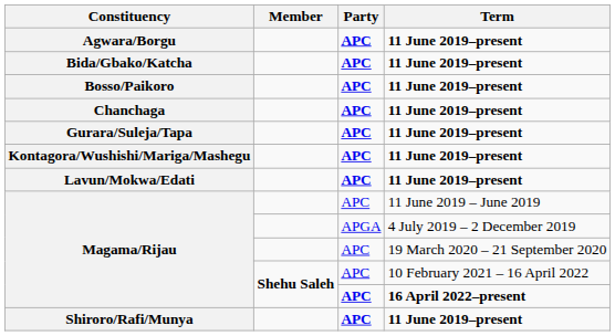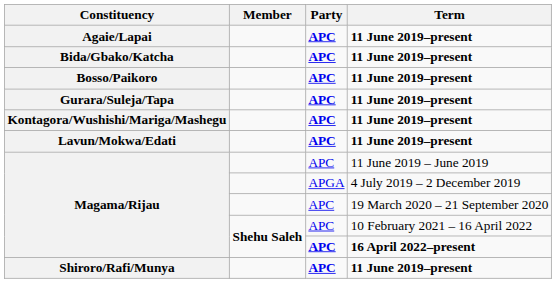 <table class="wikitable">
 <tr valign=bottom>
 <th>Constituency</th>
 <th>Member</th>
 <th>Party</th>
 <th>Term</th>
 </tr>
 <tr>
-<th>Agwara/Borgu</th>
+<th>Agaie/Lapai</th>
 <td><strong></strong></td>
 <td><strong><a href='#'>APC</a></strong></td>
 <td><strong>11 June 2019–present</strong></td>
 </tr>
 <tr>
 <th>Bida/Gbako/Katcha</th>
 <td><strong></strong></td>
 <td><strong><a href='#'>APC</a></strong></td>
 <td><strong>11 June 2019–present</strong></td>
 </tr>
 <tr>
 <th>Bosso/Paikoro</th>
-<td><strong></strong></td>
-<td><strong><a href='#'>APC</a></strong></td>
-<td><strong>11 June 2019–present</strong></td>
-</tr>
-<tr>
-<th>Chanchaga</th>
 <td><strong></strong></td>
 <td><strong><a href='#'>APC</a></strong></td>
 <td><strong>11 June 2019–present</strong></td>
 </tr>
 <tr>
 <th>Gurara/Suleja/Tapa</th>
 <td><strong></strong></td>
 <td><strong><a href='#'>APC</a></strong></td>
 <td><strong>11 June 2019–present</strong></td>
 </tr>
 <tr>
 <th>Kontagora/Wushishi/Mariga/Mashegu</th>
 <td><strong></strong></td>
 <td><strong><a href='#'>APC</a></strong></td>
 <td><strong>11 June 2019–present</strong></td>
 </tr>
 <tr>
 <th>Lavun/Mokwa/Edati</th>
 <td><strong></strong></td>
 <td><strong><a href='#'>APC</a></strong></td>
 <td><strong>11 June 2019–present</strong></td>
 </tr>
 <tr>
 <th rowspan=5>Magama/Rijau</th>
 <td style="opacity:.3;"></td>
 <td><a href='#'>APC</a></td>
 <td>11 June 2019 – June 2019</td>
 </tr>
 <tr>
 <td style="opacity:.3;"></td>
 <td><a href='#'>APGA</a></td>
 <td>4 July 2019 – 2 December 2019</td>
 </tr>
 <tr>
 <td style="opacity:.3;"></td>
 <td><a href='#'>APC</a></td>
 <td>19 March 2020 – 21 September 2020</td>
 </tr>
 <tr>
 <td rowspan=2><strong>Shehu Saleh</strong></td>
 <td><a href='#'>APC</a></td>
 <td>10 February 2021 – 16 April 2022</td>
 </tr>
 <tr>
 <td><strong><a href='#'>APC</a></strong></td>
 <td><strong>16 April 2022–present</strong></td>
 </tr>
 <tr>
 <th>Shiroro/Rafi/Munya</th>
 <td><strong></strong></td>
 <td><strong><a href='#'>APC</a></strong></td>
 <td><strong>11 June 2019–present</strong></td>
 </tr>
 </table>
